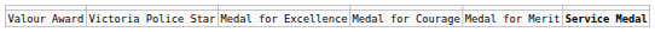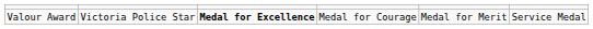 <table style="text-align:center" class="wikitable">
 <tr>
 <td></td>
 <td></td>
 <td></td>
 <td></td>
 <td></td>
 <td></td>
 </tr>
 <tr>
 <td>Valour Award</td>
 <td>Victoria Police Star</td>
-<td>Medal for Excellence</td>
+<td><strong>Medal for Excellence</strong></td>
 <td>Medal for Courage</td>
 <td>Medal for Merit</td>
-<td><strong>Service Medal</strong></td>
+<td>Service Medal</td>
 </tr>
 </table>
